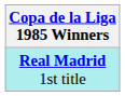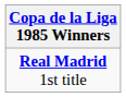 <table class="wikitable" style="text-align: center; margin: 0 auto;">
 <tr>
 <th><a href='#'>Copa de la Liga</a><br>1985 Winners</th>
 </tr>
 <tr>
-<td style="background: paleturquoise;"><strong><a href='#'>Real Madrid</a></strong><br>1st title</td>
+<td><strong><a href='#'>Real Madrid</a></strong><br>1st title</td>
 </tr>
 </table>
